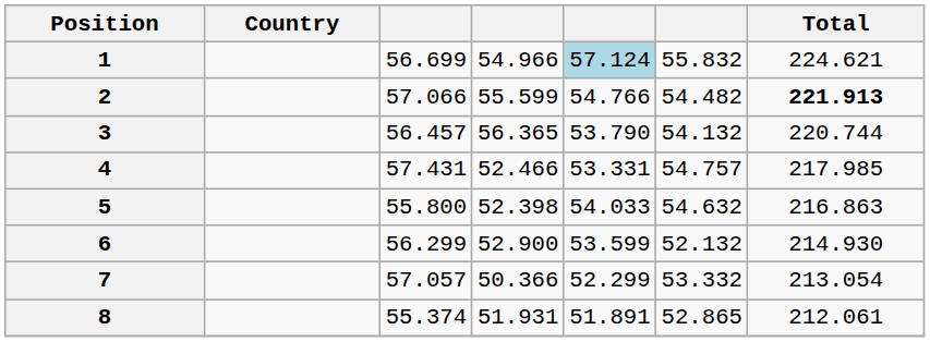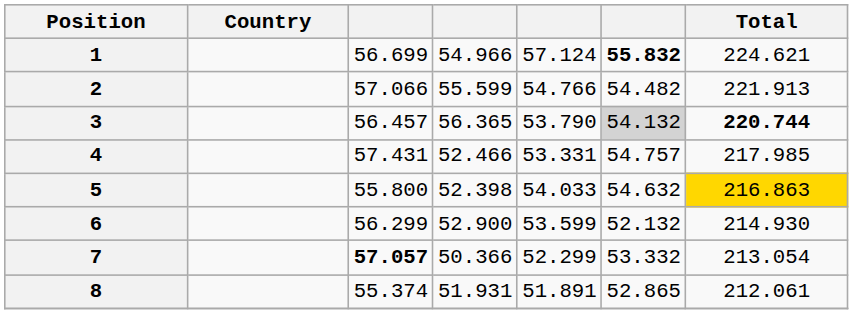 <table class="wikitable sortable" style="text-align:center; ">
 <tr>
 <th>Position</th>
 <th>Country</th>
 <th width="10%"></th>
 <th width="10%"></th>
 <th width="10%"></th>
 <th width="10%"></th>
 <th>Total</th>
 </tr>
 <tr>
 <th>1</th>
 <td align="left"></td>
 <td>56.699</td>
 <td>54.966</td>
-<td style="background: lightblue;">57.124</td>
-<td>55.832</td>
+<td>57.124</td>
+<td><strong>55.832</strong></td>
 <td>224.621</td>
 </tr>
 <tr>
 <th>2</th>
 <td align="left"></td>
 <td>57.066</td>
 <td>55.599</td>
 <td>54.766</td>
 <td>54.482</td>
-<td><strong>221.913</strong></td>
+<td>221.913</td>
 </tr>
 <tr>
 <th>3</th>
 <td align="left"></td>
 <td>56.457</td>
 <td>56.365</td>
 <td>53.790</td>
-<td>54.132</td>
-<td>220.744</td>
+<td style="background: lightgrey;">54.132</td>
+<td><strong>220.744</strong></td>
 </tr>
 <tr>
 <th>4</th>
 <td align="left"></td>
 <td>57.431</td>
 <td>52.466</td>
 <td>53.331</td>
 <td>54.757</td>
 <td>217.985</td>
 </tr>
 <tr>
 <th>5</th>
 <td align="left"></td>
 <td>55.800</td>
 <td>52.398</td>
 <td>54.033</td>
 <td>54.632</td>
-<td>216.863</td>
+<td style="background: gold;">216.863</td>
 </tr>
 <tr>
 <th>6</th>
 <td align="left"></td>
 <td>56.299</td>
 <td>52.900</td>
 <td>53.599</td>
 <td>52.132</td>
 <td>214.930</td>
 </tr>
 <tr>
 <th>7</th>
 <td align="left"></td>
-<td>57.057</td>
+<td><strong>57.057</strong></td>
 <td>50.366</td>
 <td>52.299</td>
 <td>53.332</td>
 <td>213.054</td>
 </tr>
 <tr>
 <th>8</th>
 <td align="left"></td>
 <td>55.374</td>
 <td>51.931</td>
 <td>51.891</td>
 <td>52.865</td>
 <td>212.061</td>
 </tr>
 <tr>
 </tr>
 </table>
